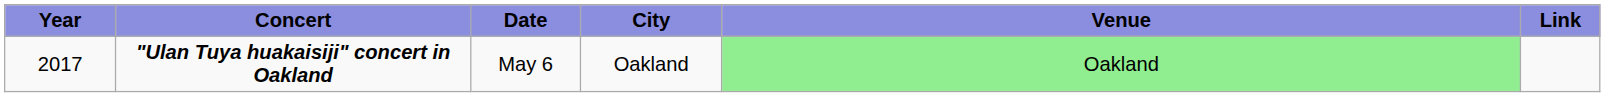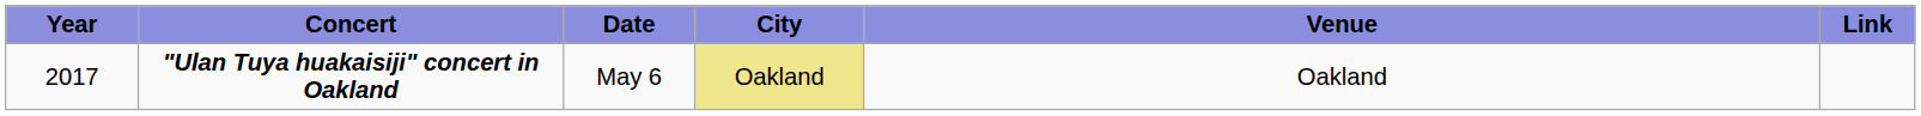 <table class="wikitable sortable mw-collapsible" width="80%" style="text-align:center">
 <tr align="center" style="background:#8B8EDE">
 <td style="width:2%"><strong>Year</strong></td>
 <td style="width:8%"><strong>Concert</strong></td>
 <td style="width:2%"><strong>Date</strong></td>
 <td style="width:2%"><strong>City</strong></td>
 <td style="width:18%"><strong>Venue</strong></td>
 <td style="width:1%"><strong>Link</strong></td>
 </tr>
 <tr>
 <td rowspan="2">2017</td>
 <td rowspan="2"><strong><em>"Ulan Tuya huakaisiji" concert in Oakland</em></strong></td>
 <td>May 6</td>
+<td style="background: khaki;">Oakland</td>
 <td>Oakland</td>
-<td style="background: lightgreen;">Oakland</td>
 <td></td>
 </tr>
 </table>
